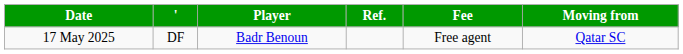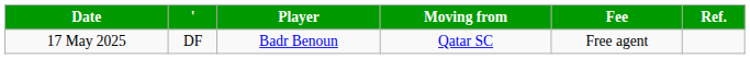 <table class="wikitable sortable" style="width:60%; text-align:center; font-size:95%; text-align:centre;">
 <tr>
 <th style="background:#009900; color:#FFFFFF; ">Date</th>
 <th style="background:#009900; color:#FFFFFF; ">'</th>
 <th style="background:#009900; color:#FFFFFF; ">Player</th>
+<th style="background:#009900; color:#FFFFFF; ">Moving from</th>
+<th style="background:#009900; color:#FFFFFF; ">Fee</th>
 <th style="background:#009900; color:#FFFFFF; ">Ref.</th>
-<th style="background:#009900; color:#FFFFFF; ">Fee</th>
-<th style="background:#009900; color:#FFFFFF; ">Moving from</th>
 </tr>
 <tr>
 <td>17 May 2025</td>
 <td>DF</td>
 <td> <a href='#'>Badr Benoun</a></td>
+<td> <a href='#'>Qatar SC</a></td>
+<td>Free agent</td>
 <td></td>
-<td>Free agent</td>
-<td> <a href='#'>Qatar SC</a></td>
 </tr>
 </table>
